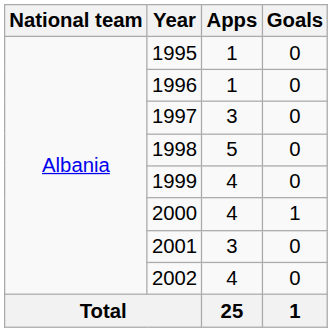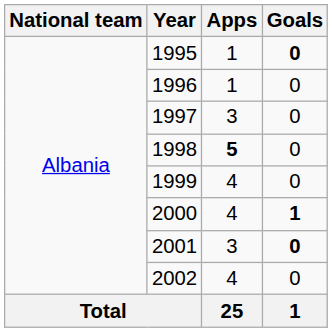 <table class="wikitable" style="text-align:center">
 <tr>
 <th>National team</th>
 <th>Year</th>
 <th>Apps</th>
 <th>Goals</th>
 </tr>
 <tr>
 <td rowspan="8"><a href='#'>Albania</a></td>
 <td>1995</td>
 <td>1</td>
-<td>0</td>
+<td><strong>0</strong></td>
 </tr>
 <tr>
 <td>1996</td>
 <td>1</td>
 <td>0</td>
 </tr>
 <tr>
 <td>1997</td>
 <td>3</td>
 <td>0</td>
 </tr>
 <tr>
 <td>1998</td>
-<td>5</td>
+<td><strong>5</strong></td>
 <td>0</td>
 </tr>
 <tr>
 <td>1999</td>
 <td>4</td>
 <td>0</td>
 </tr>
 <tr>
 <td>2000</td>
 <td>4</td>
-<td>1</td>
+<td><strong>1</strong></td>
 </tr>
 <tr>
 <td>2001</td>
 <td>3</td>
-<td>0</td>
+<td><strong>0</strong></td>
 </tr>
 <tr>
 <td>2002</td>
 <td>4</td>
 <td>0</td>
 </tr>
 <tr>
 <th colspan="2">Total</th>
 <th>25</th>
 <th>1</th>
 </tr>
 </table>
